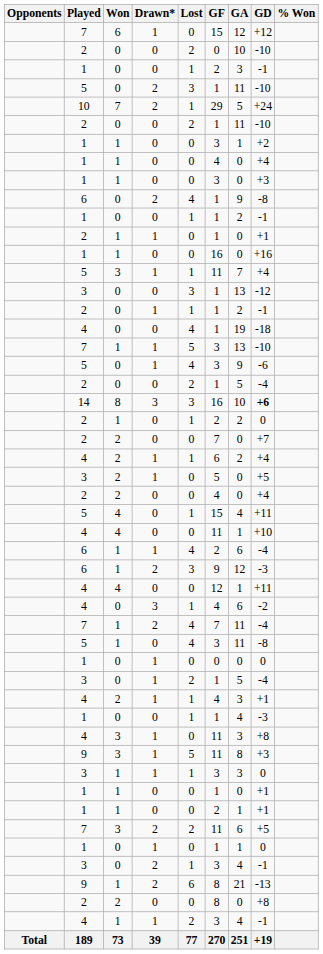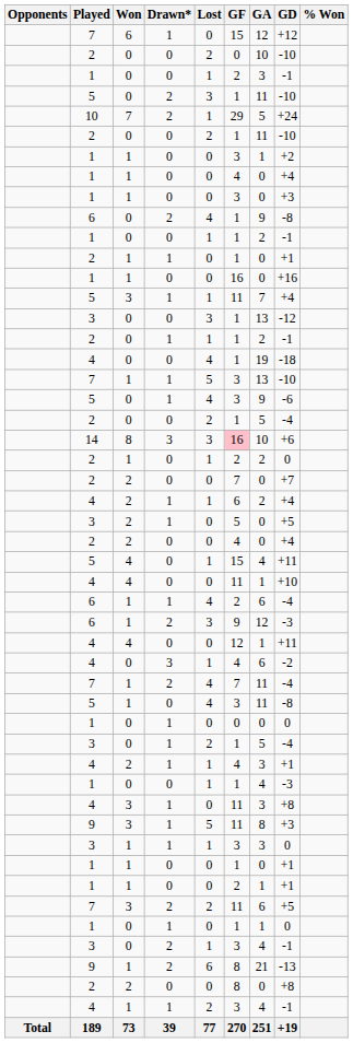 <table class="sortable wikitable" style="text-align:center">
 <tr>
 <th>Opponents</th>
 <th>Played</th>
 <th>Won</th>
 <th>Drawn*</th>
 <th>Lost</th>
 <th>GF</th>
 <th>GA</th>
 <th>GD</th>
 <th>% Won</th>
 </tr>
 <tr>
 <td style="text-align:left;"></td>
 <td>7</td>
 <td>6</td>
 <td>1</td>
 <td>0</td>
 <td>15</td>
 <td>12</td>
 <td>+12</td>
 <td></td>
 </tr>
 <tr>
 <td style="text-align:left;"></td>
 <td>2</td>
 <td>0</td>
 <td>0</td>
 <td>2</td>
 <td>0</td>
 <td>10</td>
 <td>-10</td>
 <td></td>
 </tr>
 <tr>
 <td style="text-align:left;"></td>
 <td>1</td>
 <td>0</td>
 <td>0</td>
 <td>1</td>
 <td>2</td>
 <td>3</td>
 <td>-1</td>
 <td></td>
 </tr>
 <tr>
 <td style="text-align:left;"></td>
 <td>5</td>
 <td>0</td>
 <td>2</td>
 <td>3</td>
 <td>1</td>
 <td>11</td>
 <td>-10</td>
 <td></td>
 </tr>
 <tr>
 <td style="text-align:left;"></td>
 <td>10</td>
 <td>7</td>
 <td>2</td>
 <td>1</td>
 <td>29</td>
 <td>5</td>
 <td>+24</td>
 <td></td>
 </tr>
 <tr>
 <td style="text-align:left;"></td>
 <td>2</td>
 <td>0</td>
 <td>0</td>
 <td>2</td>
 <td>1</td>
 <td>11</td>
 <td>-10</td>
 <td></td>
 </tr>
 <tr>
 <td style="text-align:left;"></td>
 <td>1</td>
 <td>1</td>
 <td>0</td>
 <td>0</td>
 <td>3</td>
 <td>1</td>
 <td>+2</td>
 <td></td>
 </tr>
 <tr>
 <td style="text-align:left;"></td>
 <td>1</td>
 <td>1</td>
 <td>0</td>
 <td>0</td>
 <td>4</td>
 <td>0</td>
 <td>+4</td>
 <td></td>
 </tr>
 <tr>
 <td style="text-align:left;"></td>
 <td>1</td>
 <td>1</td>
 <td>0</td>
 <td>0</td>
 <td>3</td>
 <td>0</td>
 <td>+3</td>
 <td></td>
 </tr>
 <tr>
 <td style="text-align:left;"></td>
 <td>6</td>
 <td>0</td>
 <td>2</td>
 <td>4</td>
 <td>1</td>
 <td>9</td>
 <td>-8</td>
 <td></td>
 </tr>
 <tr>
 <td style="text-align:left;"></td>
 <td>1</td>
 <td>0</td>
 <td>0</td>
 <td>1</td>
 <td>1</td>
 <td>2</td>
 <td>-1</td>
 <td></td>
 </tr>
 <tr>
 <td style="text-align:left;"></td>
 <td>2</td>
 <td>1</td>
 <td>1</td>
 <td>0</td>
 <td>1</td>
 <td>0</td>
 <td>+1</td>
 <td></td>
 </tr>
 <tr>
 <td style="text-align:left;"></td>
 <td>1</td>
 <td>1</td>
 <td>0</td>
 <td>0</td>
 <td>16</td>
 <td>0</td>
 <td>+16</td>
 <td></td>
 </tr>
 <tr>
 <td style="text-align:left;"></td>
 <td>5</td>
 <td>3</td>
 <td>1</td>
 <td>1</td>
 <td>11</td>
 <td>7</td>
 <td>+4</td>
 <td></td>
 </tr>
 <tr>
 <td style="text-align:left;"></td>
 <td>3</td>
 <td>0</td>
 <td>0</td>
 <td>3</td>
 <td>1</td>
 <td>13</td>
 <td>-12</td>
 <td></td>
 </tr>
 <tr>
 <td style="text-align:left;"></td>
 <td>2</td>
 <td>0</td>
 <td>1</td>
 <td>1</td>
 <td>1</td>
 <td>2</td>
 <td>-1</td>
 <td></td>
 </tr>
 <tr>
 <td style="text-align:left;"></td>
 <td>4</td>
 <td>0</td>
 <td>0</td>
 <td>4</td>
 <td>1</td>
 <td>19</td>
 <td>-18</td>
 <td></td>
 </tr>
 <tr>
 <td style="text-align:left;"></td>
 <td>7</td>
 <td>1</td>
 <td>1</td>
 <td>5</td>
 <td>3</td>
 <td>13</td>
 <td>-10</td>
 <td></td>
 </tr>
 <tr>
 <td style="text-align:left;"></td>
 <td>5</td>
 <td>0</td>
 <td>1</td>
 <td>4</td>
 <td>3</td>
 <td>9</td>
 <td>-6</td>
 <td></td>
 </tr>
 <tr>
 <td style="text-align:left;"></td>
 <td>2</td>
 <td>0</td>
 <td>0</td>
 <td>2</td>
 <td>1</td>
 <td>5</td>
 <td>-4</td>
 <td></td>
 </tr>
 <tr>
 <td style="text-align:left;"></td>
 <td>14</td>
 <td>8</td>
 <td>3</td>
 <td>3</td>
-<td>16</td>
+<td style="background: pink;">16</td>
 <td>10</td>
-<td><strong>+6</strong></td>
+<td>+6</td>
 <td></td>
 </tr>
 <tr>
 <td style="text-align:left;"></td>
 <td>2</td>
 <td>1</td>
 <td>0</td>
 <td>1</td>
 <td>2</td>
 <td>2</td>
 <td>0</td>
 <td></td>
 </tr>
 <tr>
 <td style="text-align:left;"></td>
 <td>2</td>
 <td>2</td>
 <td>0</td>
 <td>0</td>
 <td>7</td>
 <td>0</td>
 <td>+7</td>
 <td></td>
 </tr>
 <tr>
 <td style="text-align:left;"></td>
 <td>4</td>
 <td>2</td>
 <td>1</td>
 <td>1</td>
 <td>6</td>
 <td>2</td>
 <td>+4</td>
 <td></td>
 </tr>
 <tr>
 <td style="text-align:left;"></td>
 <td>3</td>
 <td>2</td>
 <td>1</td>
 <td>0</td>
 <td>5</td>
 <td>0</td>
 <td>+5</td>
 <td></td>
 </tr>
 <tr>
 <td style="text-align:left;"></td>
 <td>2</td>
 <td>2</td>
 <td>0</td>
 <td>0</td>
 <td>4</td>
 <td>0</td>
 <td>+4</td>
 <td></td>
 </tr>
 <tr>
 <td style="text-align:left;"></td>
 <td>5</td>
 <td>4</td>
 <td>0</td>
 <td>1</td>
 <td>15</td>
 <td>4</td>
 <td>+11</td>
 <td></td>
 </tr>
 <tr>
 <td style="text-align:left;"></td>
 <td>4</td>
 <td>4</td>
 <td>0</td>
 <td>0</td>
 <td>11</td>
 <td>1</td>
 <td>+10</td>
 <td></td>
 </tr>
 <tr>
 <td style="text-align:left;"></td>
 <td>6</td>
 <td>1</td>
 <td>1</td>
 <td>4</td>
 <td>2</td>
 <td>6</td>
 <td>-4</td>
 <td></td>
 </tr>
 <tr>
 <td style="text-align:left;"></td>
 <td>6</td>
 <td>1</td>
 <td>2</td>
 <td>3</td>
 <td>9</td>
 <td>12</td>
 <td>-3</td>
 <td></td>
 </tr>
 <tr>
 <td style="text-align:left;"></td>
 <td>4</td>
 <td>4</td>
 <td>0</td>
 <td>0</td>
 <td>12</td>
 <td>1</td>
 <td>+11</td>
 <td></td>
 </tr>
 <tr>
 <td style="text-align:left;"></td>
 <td>4</td>
 <td>0</td>
 <td>3</td>
 <td>1</td>
 <td>4</td>
 <td>6</td>
 <td>-2</td>
 <td></td>
 </tr>
 <tr>
 <td style="text-align:left;"></td>
 <td>7</td>
 <td>1</td>
 <td>2</td>
 <td>4</td>
 <td>7</td>
 <td>11</td>
 <td>-4</td>
 <td></td>
 </tr>
 <tr>
 <td style="text-align:left;"></td>
 <td>5</td>
 <td>1</td>
 <td>0</td>
 <td>4</td>
 <td>3</td>
 <td>11</td>
 <td>-8</td>
 <td></td>
 </tr>
 <tr>
 <td style="text-align:left;"></td>
 <td>1</td>
 <td>0</td>
 <td>1</td>
 <td>0</td>
 <td>0</td>
 <td>0</td>
 <td>0</td>
 <td></td>
 </tr>
 <tr>
 <td style="text-align:left;"></td>
 <td>3</td>
 <td>0</td>
 <td>1</td>
 <td>2</td>
 <td>1</td>
 <td>5</td>
 <td>-4</td>
 <td></td>
 </tr>
 <tr>
 <td style="text-align:left;"></td>
 <td>4</td>
 <td>2</td>
 <td>1</td>
 <td>1</td>
 <td>4</td>
 <td>3</td>
 <td>+1</td>
 <td></td>
 </tr>
 <tr>
 <td style="text-align:left;"></td>
 <td>1</td>
 <td>0</td>
 <td>0</td>
 <td>1</td>
 <td>1</td>
 <td>4</td>
 <td>-3</td>
 <td></td>
 </tr>
 <tr>
 <td style="text-align:left;"></td>
 <td>4</td>
 <td>3</td>
 <td>1</td>
 <td>0</td>
 <td>11</td>
 <td>3</td>
 <td>+8</td>
 <td></td>
 </tr>
 <tr>
 <td style="text-align:left;"></td>
 <td>9</td>
 <td>3</td>
 <td>1</td>
 <td>5</td>
 <td>11</td>
 <td>8</td>
 <td>+3</td>
 <td></td>
 </tr>
 <tr>
 <td style="text-align:left;"></td>
 <td>3</td>
 <td>1</td>
 <td>1</td>
 <td>1</td>
 <td>3</td>
 <td>3</td>
 <td>0</td>
 <td></td>
 </tr>
 <tr>
 <td style="text-align:left;"></td>
 <td>1</td>
 <td>1</td>
 <td>0</td>
 <td>0</td>
 <td>1</td>
 <td>0</td>
 <td>+1</td>
 <td></td>
 </tr>
 <tr>
 <td style="text-align:left;"></td>
 <td>1</td>
 <td>1</td>
 <td>0</td>
 <td>0</td>
 <td>2</td>
 <td>1</td>
 <td>+1</td>
 <td></td>
 </tr>
 <tr>
 <td style="text-align:left;"></td>
 <td>7</td>
 <td>3</td>
 <td>2</td>
 <td>2</td>
 <td>11</td>
 <td>6</td>
 <td>+5</td>
 <td></td>
 </tr>
 <tr>
 <td style="text-align:left;"></td>
 <td>1</td>
 <td>0</td>
 <td>1</td>
 <td>0</td>
 <td>1</td>
 <td>1</td>
 <td>0</td>
 <td></td>
 </tr>
 <tr>
 <td style="text-align:left;"></td>
 <td>3</td>
 <td>0</td>
 <td>2</td>
 <td>1</td>
 <td>3</td>
 <td>4</td>
 <td>-1</td>
 <td></td>
 </tr>
 <tr>
 <td style="text-align:left;"></td>
 <td>9</td>
 <td>1</td>
 <td>2</td>
 <td>6</td>
 <td>8</td>
 <td>21</td>
 <td>-13</td>
 <td></td>
 </tr>
 <tr>
 <td style="text-align:left;"></td>
 <td>2</td>
 <td>2</td>
 <td>0</td>
 <td>0</td>
 <td>8</td>
 <td>0</td>
 <td>+8</td>
 <td></td>
 </tr>
 <tr>
 <td style="text-align:left;"></td>
 <td>4</td>
 <td>1</td>
 <td>1</td>
 <td>2</td>
 <td>3</td>
 <td>4</td>
 <td>-1</td>
 <td></td>
 </tr>
 <tr class="sortbottom">
 <th>Total</th>
 <th>189</th>
 <th>73</th>
 <th>39</th>
 <th>77</th>
 <th>270</th>
 <th>251</th>
 <th>+19</th>
 <th></th>
 </tr>
 </table>
